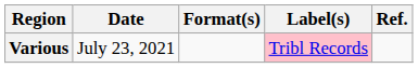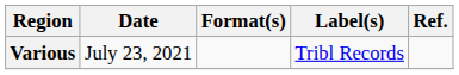 <table class="wikitable plainrowheaders">
 <tr>
 <th scope="col">Region</th>
 <th scope="col">Date</th>
 <th scope="col">Format(s)</th>
 <th scope="col">Label(s)</th>
 <th scope="col">Ref.</th>
 </tr>
 <tr>
 <th scope="row">Various</th>
 <td>July 23, 2021</td>
 <td></td>
-<td style="background: pink;"><a href='#'>Tribl Records</a></td>
+<td><a href='#'>Tribl Records</a></td>
 <td></td>
 </tr>
 <tr>
 </tr>
 </table>
